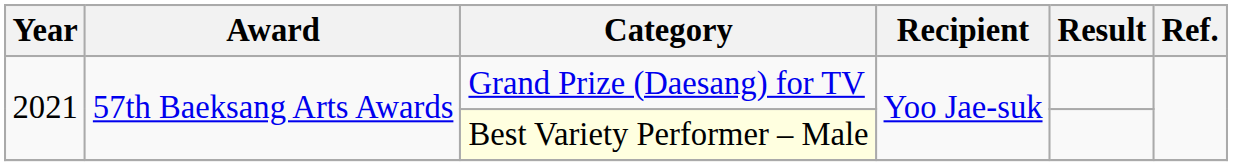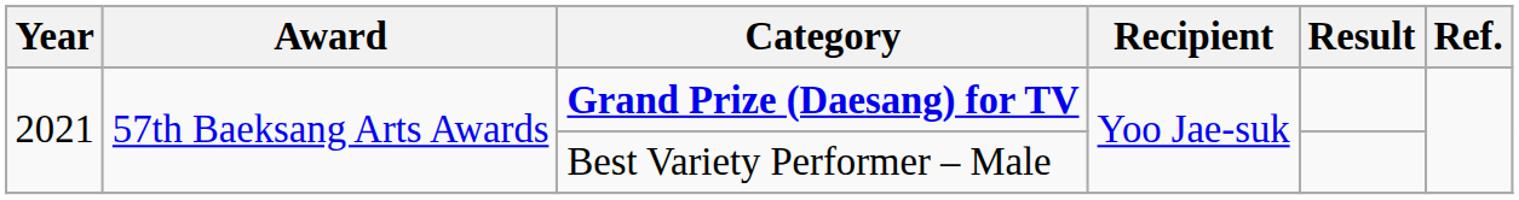 <table class="wikitable">
 <tr>
 <th>Year</th>
 <th>Award</th>
 <th>Category</th>
 <th>Recipient</th>
 <th>Result</th>
 <th>Ref.</th>
 </tr>
 <tr>
 <td rowspan=2>2021</td>
 <td rowspan=2><a href='#'>57th Baeksang Arts Awards</a></td>
-<td><a href='#'>Grand Prize (Daesang) for TV</a></td>
+<td><strong><a href='#'>Grand Prize (Daesang) for TV</a></strong></td>
 <td rowspan=2><a href='#'>Yoo Jae-suk</a></td>
 <td></td>
 <td rowspan=2></td>
 </tr>
 <tr>
-<td style="background: lightyellow;">Best Variety Performer – Male</td>
+<td>Best Variety Performer – Male</td>
 <td></td>
 </tr>
 <tr>
 </tr>
 </table>
